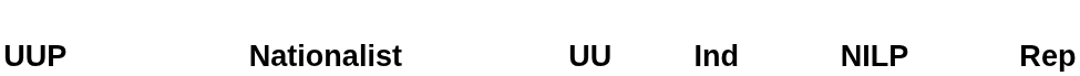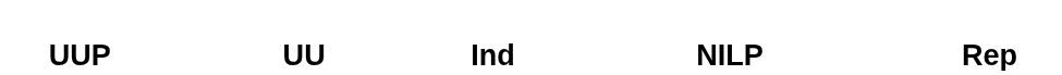 <table style="width:50%; text-align:center;">
 <tr style="color:white;">
 <td style="background:"><strong>36</strong></td>
-<td style="background:"><strong>6</strong></td>
 <td style="background:"><strong>3</strong></td>
 <td style="background:"><strong>3</strong></td>
 <td style="background:"><strong>2</strong></td>
 <td style="background:"><strong>2</strong></td>
 </tr>
 <tr>
 <td><span><strong>UUP</strong></span></td>
-<td><span><strong>Nationalist</strong></span></td>
 <td><span><strong>UU</strong></span></td>
 <td><span><strong>Ind</strong></span></td>
 <td><span><strong>NILP</strong></span></td>
 <td><span><strong>Rep</strong></span></td>
 </tr>
 </table>
